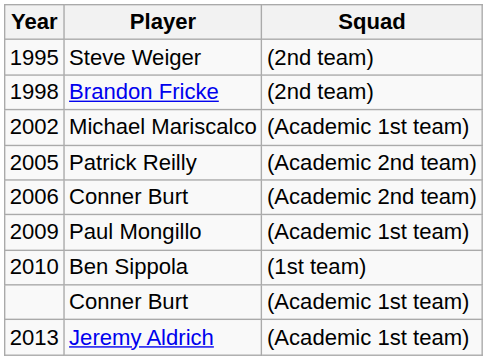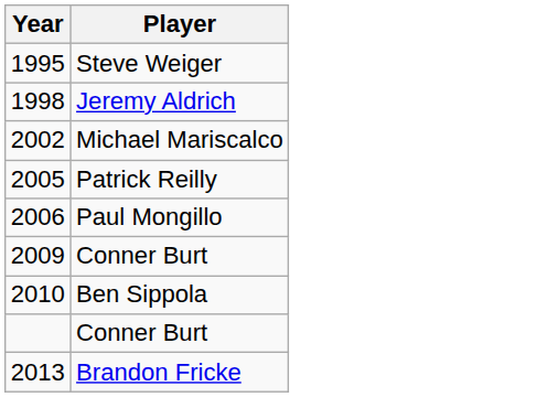 <table class= wikitable>
 <tr>
 <th width=px>Year</th>
 <th width=px>Player</th>
-<th width=px>Squad</th>
 </tr>
 <tr>
 <td>1995</td>
 <td>Steve Weiger</td>
-<td>(2nd team)</td>
 </tr>
 <tr>
 <td>1998</td>
-<td><a href='#'>Brandon Fricke</a></td>
-<td>(2nd team)</td>
+<td><a href='#'>Jeremy Aldrich</a></td>
 </tr>
 <tr>
 <td>2002</td>
 <td>Michael Mariscalco</td>
-<td>(Academic 1st team)</td>
 </tr>
 <tr>
 <td>2005</td>
 <td>Patrick Reilly</td>
-<td>(Academic 2nd team)</td>
 </tr>
 <tr>
 <td>2006</td>
-<td>Conner Burt</td>
-<td>(Academic 2nd team)</td>
+<td>Paul Mongillo</td>
 </tr>
 <tr>
 <td>2009</td>
-<td>Paul Mongillo</td>
-<td>(Academic 1st team)</td>
+<td>Conner Burt</td>
 </tr>
 <tr>
 <td>2010</td>
 <td>Ben Sippola</td>
-<td>(1st team)</td>
 </tr>
 <tr>
 <td></td>
 <td>Conner Burt</td>
-<td>(Academic 1st team)</td>
 </tr>
 <tr>
 <td>2013</td>
-<td><a href='#'>Jeremy Aldrich</a></td>
-<td>(Academic 1st team)</td>
+<td><a href='#'>Brandon Fricke</a></td>
 </tr>
 </table>
